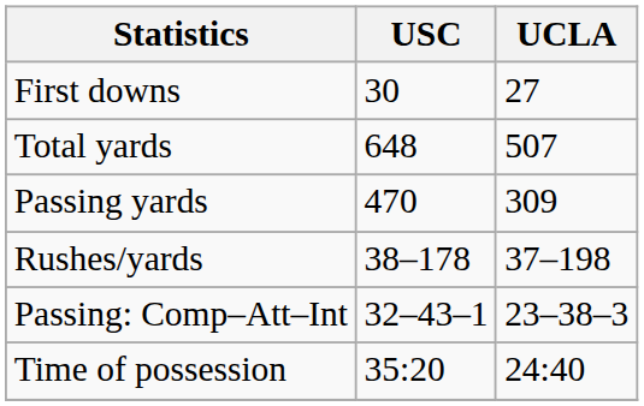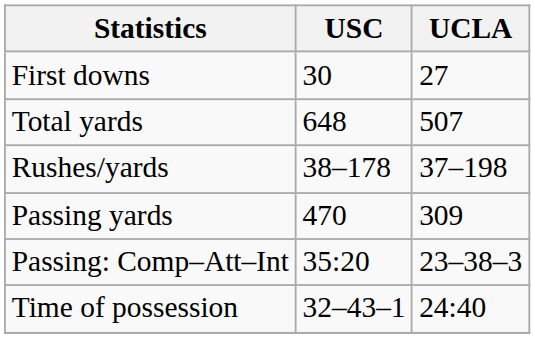 <table class="wikitable" style="float: left;">
 <tr>
 <th>Statistics</th>
 <th>USC</th>
 <th>UCLA</th>
 </tr>
 <tr>
 <td>First downs</td>
 <td>30</td>
 <td>27</td>
 </tr>
 <tr>
 <td>Total yards</td>
 <td>648</td>
 <td>507</td>
 </tr>
 <tr>
+<td>Rushes/yards</td>
+<td>38–178</td>
+<td>37–198</td>
+</tr>
+<tr>
 <td>Passing yards</td>
 <td>470</td>
 <td>309</td>
 </tr>
 <tr>
-<td>Rushes/yards</td>
-<td>38–178</td>
-<td>37–198</td>
-</tr>
-<tr>
 <td>Passing: Comp–Att–Int</td>
-<td>32–43–1</td>
+<td>35:20</td>
 <td>23–38–3</td>
 </tr>
 <tr>
 <td>Time of possession</td>
-<td>35:20</td>
+<td>32–43–1</td>
 <td>24:40</td>
 </tr>
 <tr>
 </tr>
 </table>
